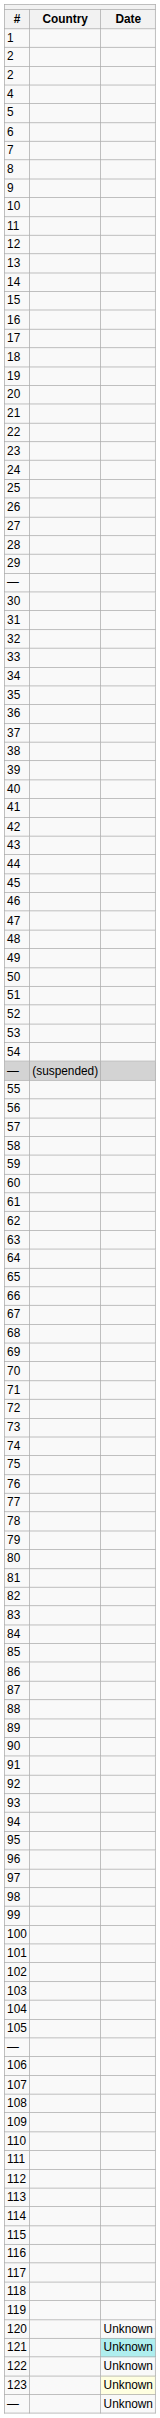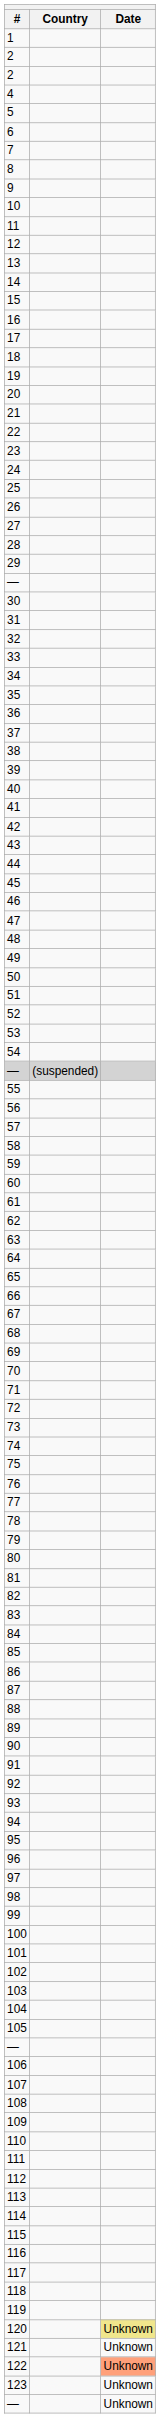 <table class="wikitable sortable">
 <tr>
 <th colspan="3"></th>
 </tr>
 <tr>
 <th>#</th>
 <th>Country</th>
 <th>Date</th>
 </tr>
 <tr>
 <td>1</td>
 <td></td>
 <td></td>
 </tr>
 <tr>
 <td>2</td>
 <td></td>
 <td></td>
 </tr>
 <tr>
 <td>2</td>
 <td></td>
 <td></td>
 </tr>
 <tr>
 <td>4</td>
 <td></td>
 <td></td>
 </tr>
 <tr>
 <td>5</td>
 <td></td>
 <td></td>
 </tr>
 <tr>
 <td>6</td>
 <td></td>
 <td></td>
 </tr>
 <tr>
 <td>7</td>
 <td></td>
 <td></td>
 </tr>
 <tr>
 <td>8</td>
 <td></td>
 <td></td>
 </tr>
 <tr>
 <td>9</td>
 <td></td>
 <td></td>
 </tr>
 <tr>
 <td>10</td>
 <td></td>
 <td></td>
 </tr>
 <tr>
 <td>11</td>
 <td></td>
 <td></td>
 </tr>
 <tr>
 <td>12</td>
 <td></td>
 <td></td>
 </tr>
 <tr>
 <td>13</td>
 <td></td>
 <td></td>
 </tr>
 <tr>
 <td>14</td>
 <td></td>
 <td></td>
 </tr>
 <tr>
 <td>15</td>
 <td></td>
 <td></td>
 </tr>
 <tr>
 <td>16</td>
 <td></td>
 <td></td>
 </tr>
 <tr>
 <td>17</td>
 <td></td>
 <td></td>
 </tr>
 <tr>
 <td>18</td>
 <td></td>
 <td></td>
 </tr>
 <tr>
 <td>19</td>
 <td></td>
 <td></td>
 </tr>
 <tr>
 <td>20</td>
 <td></td>
 <td></td>
 </tr>
 <tr>
 <td>21</td>
 <td></td>
 <td></td>
 </tr>
 <tr>
 <td>22</td>
 <td></td>
 <td></td>
 </tr>
 <tr>
 <td>23</td>
 <td></td>
 <td></td>
 </tr>
 <tr>
 <td>24</td>
 <td></td>
 <td></td>
 </tr>
 <tr>
 <td>25</td>
 <td></td>
 <td></td>
 </tr>
 <tr>
 <td>26</td>
 <td></td>
 <td></td>
 </tr>
 <tr>
 <td>27</td>
 <td></td>
 <td></td>
 </tr>
 <tr>
 <td>28</td>
 <td></td>
 <td></td>
 </tr>
 <tr>
 <td>29</td>
 <td></td>
 <td></td>
 </tr>
 <tr>
 <td>—</td>
 <td></td>
 <td></td>
 </tr>
 <tr>
 <td>30</td>
 <td></td>
 <td></td>
 </tr>
 <tr>
 <td>31</td>
 <td></td>
 <td></td>
 </tr>
 <tr>
 <td>32</td>
 <td></td>
 <td></td>
 </tr>
 <tr>
 <td>33</td>
 <td></td>
 <td></td>
 </tr>
 <tr>
 <td>34</td>
 <td></td>
 <td></td>
 </tr>
 <tr>
 <td>35</td>
 <td></td>
 <td></td>
 </tr>
 <tr>
 <td>36</td>
 <td></td>
 <td></td>
 </tr>
 <tr>
 <td>37</td>
 <td></td>
 <td></td>
 </tr>
 <tr>
 <td>38</td>
 <td></td>
 <td></td>
 </tr>
 <tr>
 <td>39</td>
 <td></td>
 <td></td>
 </tr>
 <tr>
 <td>40</td>
 <td></td>
 <td></td>
 </tr>
 <tr>
 <td>41</td>
 <td></td>
 <td></td>
 </tr>
 <tr>
 <td>42</td>
 <td></td>
 <td></td>
 </tr>
 <tr>
 <td>43</td>
 <td></td>
 <td></td>
 </tr>
 <tr>
 <td>44</td>
 <td></td>
 <td></td>
 </tr>
 <tr>
 <td>45</td>
 <td></td>
 <td></td>
 </tr>
 <tr>
 <td>46</td>
 <td></td>
 <td></td>
 </tr>
 <tr>
 <td>47</td>
 <td></td>
 <td></td>
 </tr>
 <tr>
 <td>48</td>
 <td></td>
 <td></td>
 </tr>
 <tr>
 <td>49</td>
 <td></td>
 <td></td>
 </tr>
 <tr>
 <td>50</td>
 <td></td>
 <td></td>
 </tr>
 <tr>
 <td>51</td>
 <td></td>
 <td></td>
 </tr>
 <tr>
 <td>52</td>
 <td></td>
 <td></td>
 </tr>
 <tr>
 <td>53</td>
 <td></td>
 <td></td>
 </tr>
 <tr>
 <td>54</td>
 <td></td>
 <td></td>
 </tr>
 <tr style="background:#D3D3D3">
 <td>—</td>
 <td> (suspended)</td>
 <td></td>
 </tr>
 <tr>
 <td>55</td>
 <td></td>
 <td></td>
 </tr>
 <tr>
 <td>56</td>
 <td></td>
 <td></td>
 </tr>
 <tr>
 <td>57</td>
 <td></td>
 <td></td>
 </tr>
 <tr>
 <td>58</td>
 <td></td>
 <td></td>
 </tr>
 <tr>
 <td>59</td>
 <td></td>
 <td></td>
 </tr>
 <tr>
 <td>60</td>
 <td></td>
 <td></td>
 </tr>
 <tr>
 <td>61</td>
 <td></td>
 <td></td>
 </tr>
 <tr>
 <td>62</td>
 <td></td>
 <td></td>
 </tr>
 <tr>
 <td>63</td>
 <td></td>
 <td></td>
 </tr>
 <tr>
 <td>64</td>
 <td></td>
 <td></td>
 </tr>
 <tr>
 <td>65</td>
 <td></td>
 <td></td>
 </tr>
 <tr>
 <td>66</td>
 <td></td>
 <td></td>
 </tr>
 <tr>
 <td>67</td>
 <td></td>
 <td></td>
 </tr>
 <tr>
 <td>68</td>
 <td></td>
 <td></td>
 </tr>
 <tr>
 <td>69</td>
 <td></td>
 <td></td>
 </tr>
 <tr>
 <td>70</td>
 <td></td>
 <td></td>
 </tr>
 <tr>
 <td>71</td>
 <td></td>
 <td></td>
 </tr>
 <tr>
 <td>72</td>
 <td></td>
 <td></td>
 </tr>
 <tr>
 <td>73</td>
 <td></td>
 <td></td>
 </tr>
 <tr>
 <td>74</td>
 <td></td>
 <td></td>
 </tr>
 <tr>
 <td>75</td>
 <td></td>
 <td></td>
 </tr>
 <tr>
 <td>76</td>
 <td></td>
 <td></td>
 </tr>
 <tr>
 <td>77</td>
 <td></td>
 <td></td>
 </tr>
 <tr>
 <td>78</td>
 <td></td>
 <td></td>
 </tr>
 <tr>
 <td>79</td>
 <td></td>
 <td></td>
 </tr>
 <tr>
 <td>80</td>
 <td></td>
 <td></td>
 </tr>
 <tr>
 <td>81</td>
 <td></td>
 <td></td>
 </tr>
 <tr>
 <td>82</td>
 <td></td>
 <td></td>
 </tr>
 <tr>
 <td>83</td>
 <td></td>
 <td></td>
 </tr>
 <tr>
 <td>84</td>
 <td></td>
 <td></td>
 </tr>
 <tr>
 <td>85</td>
 <td></td>
 <td></td>
 </tr>
 <tr>
 <td>86</td>
 <td></td>
 <td></td>
 </tr>
 <tr>
 <td>87</td>
 <td></td>
 <td></td>
 </tr>
 <tr>
 <td>88</td>
 <td></td>
 <td></td>
 </tr>
 <tr>
 <td>89</td>
 <td></td>
 <td></td>
 </tr>
 <tr>
 <td>90</td>
 <td></td>
 <td></td>
 </tr>
 <tr>
 <td>91</td>
 <td></td>
 <td></td>
 </tr>
 <tr>
 <td>92</td>
 <td></td>
 <td></td>
 </tr>
 <tr>
 <td>93</td>
 <td></td>
 <td></td>
 </tr>
 <tr>
 <td>94</td>
 <td></td>
 <td></td>
 </tr>
 <tr>
 <td>95</td>
 <td></td>
 <td></td>
 </tr>
 <tr>
 <td>96</td>
 <td></td>
 <td></td>
 </tr>
 <tr>
 <td>97</td>
 <td></td>
 <td></td>
 </tr>
 <tr>
 <td>98</td>
 <td></td>
 <td></td>
 </tr>
 <tr>
 <td>99</td>
 <td></td>
 <td></td>
 </tr>
 <tr>
 <td>100</td>
 <td></td>
 <td></td>
 </tr>
 <tr>
 <td>101</td>
 <td></td>
 <td></td>
 </tr>
 <tr>
 <td>102</td>
 <td></td>
 <td></td>
 </tr>
 <tr>
 <td>103</td>
 <td></td>
 <td></td>
 </tr>
 <tr>
 <td>104</td>
 <td></td>
 <td></td>
 </tr>
 <tr>
 <td>105</td>
 <td></td>
 <td></td>
 </tr>
 <tr>
 <td>—</td>
 <td></td>
 <td></td>
 </tr>
 <tr>
 <td>106</td>
 <td></td>
 <td></td>
 </tr>
 <tr>
 <td>107</td>
 <td></td>
 <td></td>
 </tr>
 <tr>
 <td>108</td>
 <td></td>
 <td></td>
 </tr>
 <tr>
 <td>109</td>
 <td></td>
 <td></td>
 </tr>
 <tr>
 <td>110</td>
 <td></td>
 <td></td>
 </tr>
 <tr>
 <td>111</td>
 <td></td>
 <td></td>
 </tr>
 <tr>
 <td>112</td>
 <td></td>
 <td></td>
 </tr>
 <tr>
 <td>113</td>
 <td></td>
 <td></td>
 </tr>
 <tr>
 <td>114</td>
 <td></td>
 <td></td>
 </tr>
 <tr>
 <td>115</td>
 <td></td>
 <td></td>
 </tr>
 <tr>
 <td>116</td>
 <td></td>
 <td></td>
 </tr>
 <tr>
 <td>117</td>
 <td></td>
 <td></td>
 </tr>
 <tr>
 <td>118</td>
 <td></td>
 <td></td>
 </tr>
 <tr>
 <td>119</td>
 <td></td>
 <td></td>
 </tr>
 <tr>
 <td>120</td>
 <td></td>
-<td>Unknown</td>
+<td style="background: khaki;">Unknown</td>
 </tr>
 <tr>
 <td>121</td>
 <td></td>
-<td style="background: paleturquoise;">Unknown</td>
+<td>Unknown</td>
 </tr>
 <tr>
 <td>122</td>
 <td></td>
-<td>Unknown</td>
+<td style="background: lightsalmon;">Unknown</td>
 </tr>
 <tr>
 <td>123</td>
 <td></td>
-<td style="background: lightyellow;">Unknown</td>
+<td>Unknown</td>
 </tr>
 <tr>
 <td>—</td>
 <td></td>
 <td>Unknown</td>
 </tr>
 </table>
